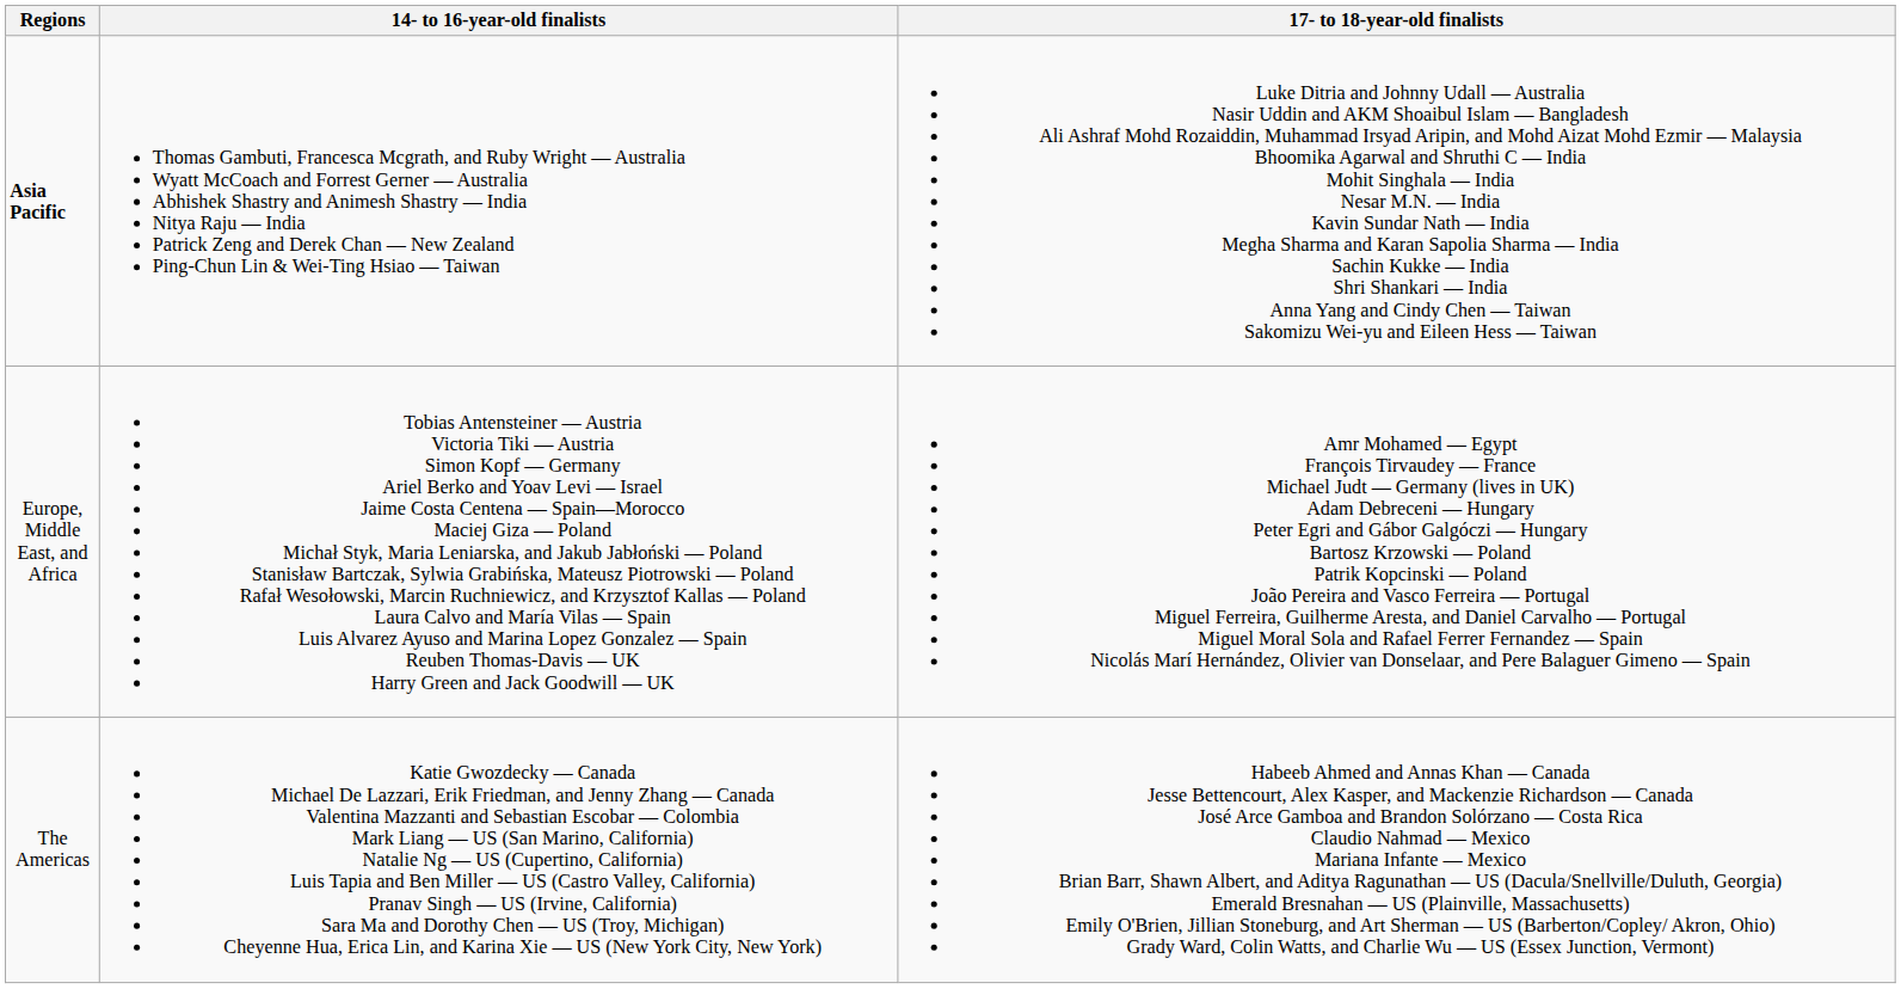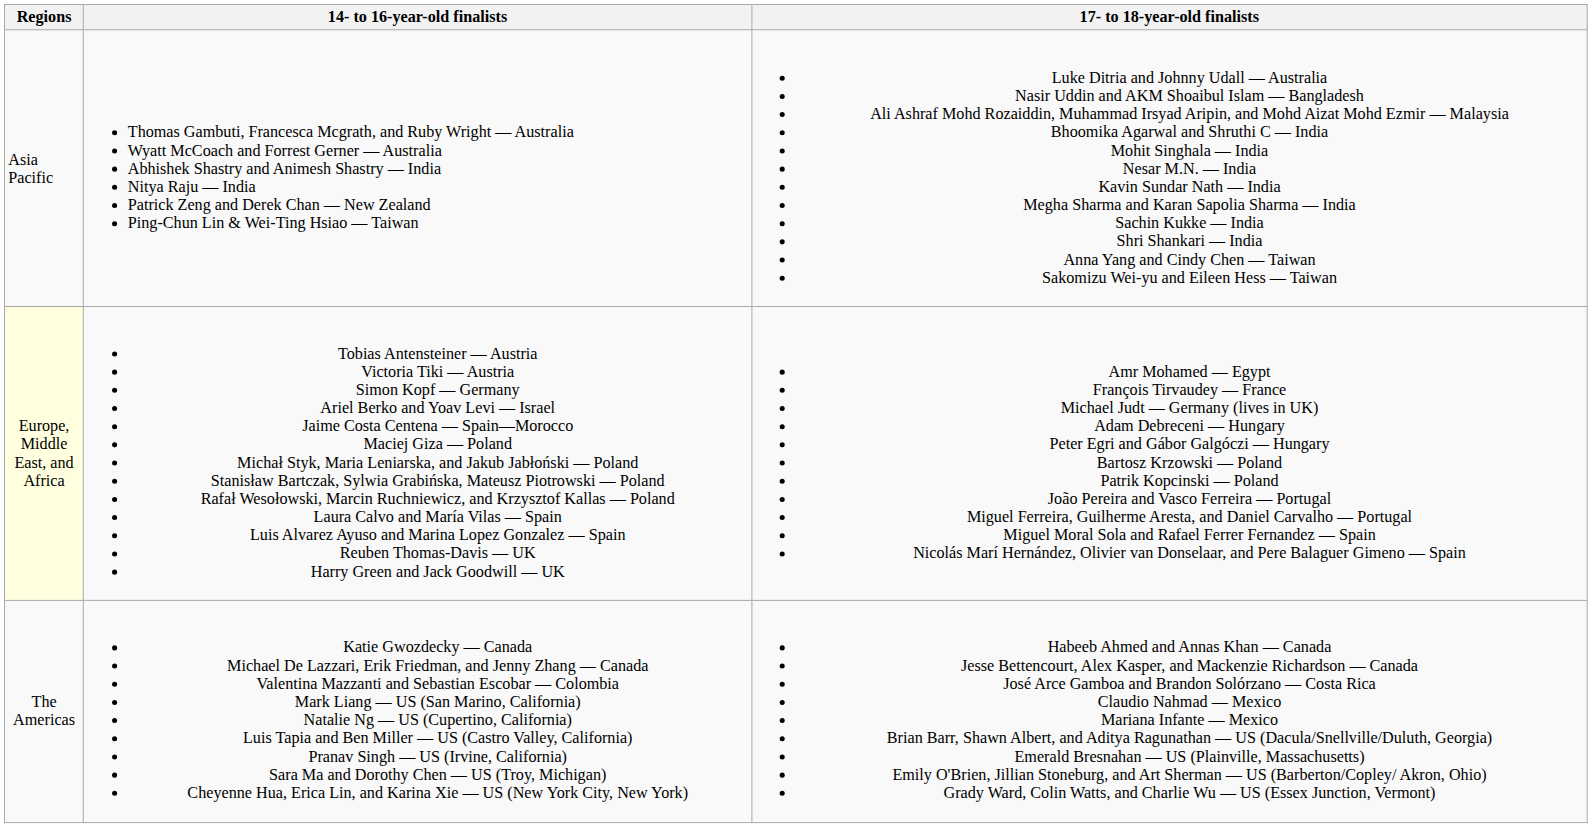 <table class="wikitable" border="1">
 <tr>
 <th rowspan=1 width=5%>Regions</th>
 <th colspan=1>14- to 16-year-old finalists</th>
 <th colspan=2>17- to 18-year-old finalists</th>
 </tr>
 <tr>
-<td align="left"><strong>Asia Pacific</strong></td>
+<td align="left">Asia Pacific</td>
 <td align="left"><br><ul><li>Thomas Gambuti, Francesca Mcgrath, and Ruby Wright — Australia</li><li>Wyatt McCoach and Forrest Gerner — Australia</li><li>Abhishek Shastry and Animesh Shastry — India</li><li>Nitya Raju — India</li><li>Patrick Zeng and Derek Chan — New Zealand</li><li>Ping-Chun Lin & Wei-Ting Hsiao — Taiwan</li></ul></td>
 <td align="center"><br><ul><li>Luke Ditria and Johnny Udall — Australia</li><li>Nasir Uddin and AKM Shoaibul Islam — Bangladesh</li><li>Ali Ashraf Mohd Rozaiddin, Muhammad Irsyad Aripin, and Mohd Aizat Mohd Ezmir — Malaysia</li><li>Bhoomika Agarwal and Shruthi C — India</li><li>Mohit Singhala — India</li><li>Nesar M.N. — India</li><li>Kavin Sundar Nath — India</li><li>Megha Sharma and Karan Sapolia Sharma — India</li><li>Sachin Kukke — India</li><li>Shri Shankari — India</li><li>Anna Yang and Cindy Chen — Taiwan</li><li>Sakomizu Wei-yu and Eileen Hess — Taiwan</li></ul></td>
 </tr>
 <tr>
-<td align="center">Europe, Middle East, and Africa</td>
+<td align="center" style="background: lightyellow;">Europe, Middle East, and Africa</td>
 <td align="center"><br><ul><li>Tobias Antensteiner — Austria</li><li>Victoria Tiki — Austria</li><li>Simon Kopf — Germany</li><li>Ariel Berko and Yoav Levi — Israel</li><li>Jaime Costa Centena — Spain—Morocco</li><li>Maciej Giza — Poland</li><li>Michał Styk, Maria Leniarska, and Jakub Jabłoński — Poland</li><li>Stanisław Bartczak, Sylwia Grabińska, Mateusz Piotrowski — Poland</li><li>Rafał Wesołowski, Marcin Ruchniewicz, and Krzysztof Kallas — Poland</li><li>Laura Calvo and María Vilas — Spain</li><li>Luis Alvarez Ayuso and Marina Lopez Gonzalez — Spain</li><li>Reuben Thomas-Davis — UK</li><li>Harry Green and Jack Goodwill — UK</li></ul></td>
 <td align="center"><br><ul><li>Amr Mohamed — Egypt</li><li>François Tirvaudey — France</li><li>Michael Judt — Germany (lives in UK)</li><li>Adam Debreceni — Hungary</li><li>Peter Egri and Gábor Galgóczi — Hungary</li><li>Bartosz Krzowski — Poland</li><li>Patrik Kopcinski — Poland</li><li>João Pereira and Vasco Ferreira — Portugal</li><li>Miguel Ferreira, Guilherme Aresta, and Daniel Carvalho — Portugal</li><li>Miguel Moral Sola and Rafael Ferrer Fernandez — Spain</li><li>Nicolás Marí Hernández, Olivier van Donselaar, and Pere Balaguer Gimeno — Spain</li></ul></td>
 </tr>
 <tr>
 <td align="center">The Americas</td>
 <td align="center"><br><ul><li>Katie Gwozdecky — Canada</li><li>Michael De Lazzari, Erik Friedman, and Jenny Zhang — Canada</li><li>Valentina Mazzanti and Sebastian Escobar — Colombia</li><li>Mark Liang — US (San Marino, California)</li><li>Natalie Ng — US (Cupertino, California)</li><li>Luis Tapia and Ben Miller — US (Castro Valley, California)</li><li>Pranav Singh — US (Irvine, California)</li><li>Sara Ma and Dorothy Chen — US (Troy, Michigan)</li><li>Cheyenne Hua, Erica Lin, and Karina Xie — US (New York City, New York)</li></ul></td>
 <td align="center"><br><ul><li>Habeeb Ahmed and Annas Khan — Canada</li><li>Jesse Bettencourt, Alex Kasper, and Mackenzie Richardson — Canada</li><li>José Arce Gamboa and Brandon Solórzano — Costa Rica</li><li>Claudio Nahmad — Mexico</li><li>Mariana Infante — Mexico</li><li>Brian Barr, Shawn Albert, and Aditya Ragunathan — US (Dacula/Snellville/Duluth, Georgia)</li><li>Emerald Bresnahan — US (Plainville, Massachusetts)</li><li>Emily O'Brien, Jillian Stoneburg, and Art Sherman — US (Barberton/Copley/ Akron, Ohio)</li><li>Grady Ward, Colin Watts, and Charlie Wu — US (Essex Junction, Vermont)</li></ul></td>
 </tr>
 </table>
